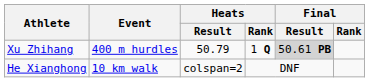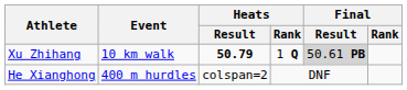 <table class="wikitable" style="font-size:90%">
 <tr>
 <th rowspan=2>Athlete</th>
 <th rowspan=2>Event</th>
 <th colspan=2>Heats</th>
 <th colspan=2>Final</th>
 </tr>
 <tr style="font-size:95%">
 <th>Result</th>
 <th>Rank</th>
 <th>Result</th>
 <th>Rank</th>
 </tr>
 <tr align=center>
 <td align=left><a href='#'>Xu Zhihang</a></td>
-<td align=left><a href='#'>400 m hurdles</a></td>
-<td>50.79</td>
+<td align=left><a href='#'>10 km walk</a></td>
+<td><strong>50.79</strong></td>
 <td>1 <strong>Q</strong></td>
 <td style="background: lightgrey;">50.61 <strong>PB</strong></td>
 <td></td>
 </tr>
 <tr align=center>
 <td align=left><a href='#'>He Xianghong</a></td>
-<td align=left><a href='#'>10 km walk</a></td>
+<td align=left><a href='#'>400 m hurdles</a></td>
 <td>colspan=2 </td>
 <td colspan=2>DNF</td>
 </tr>
 </table>
